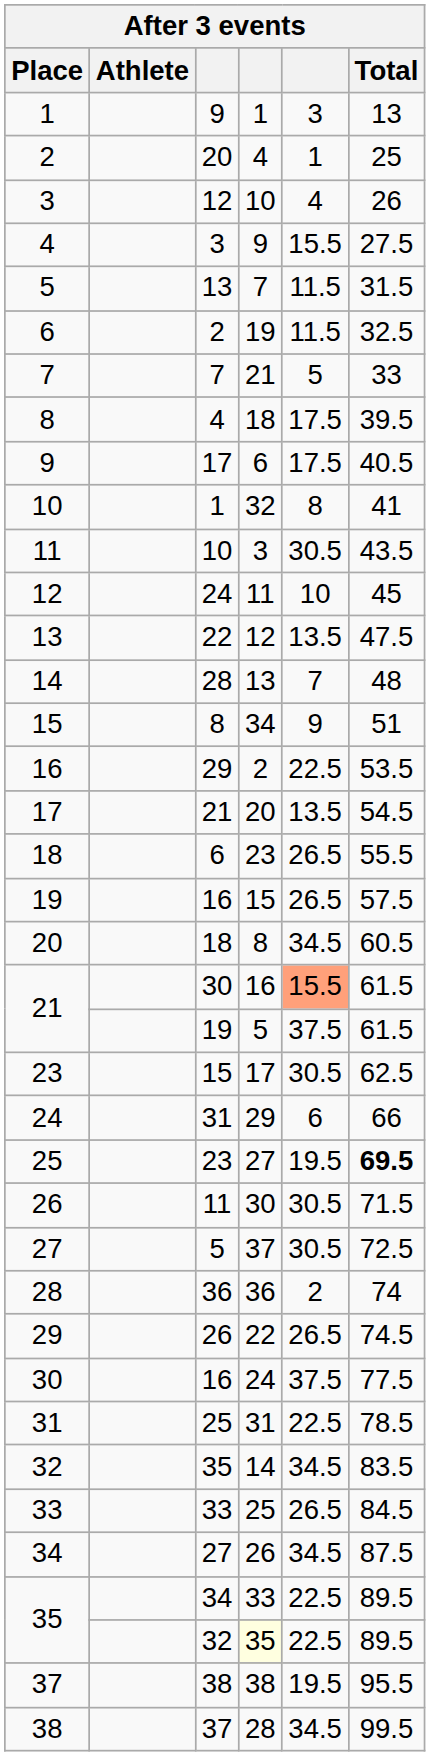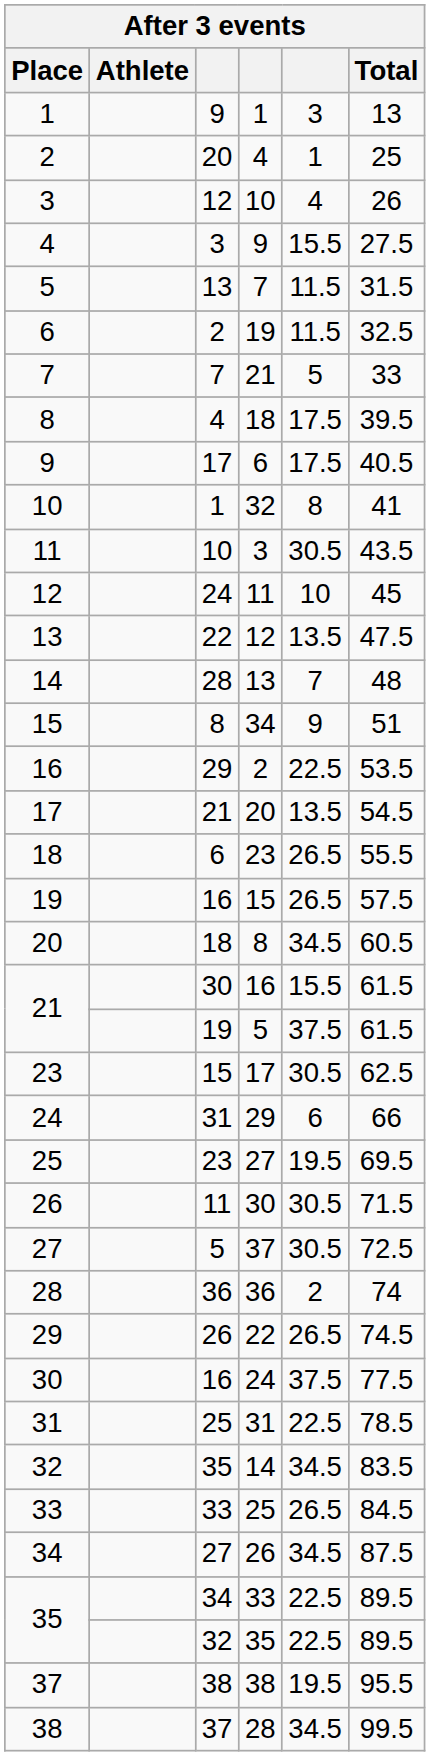 <table class=wikitable style="text-align:center">
 <tr>
 <th colspan=6><strong>After 3 events</strong></th>
 </tr>
 <tr>
 <th>Place</th>
 <th>Athlete</th>
 <th></th>
 <th></th>
 <th></th>
 <th>Total</th>
 </tr>
 <tr>
 <td>1</td>
 <td align=left></td>
 <td>9</td>
 <td>1</td>
 <td>3</td>
 <td>13</td>
 </tr>
 <tr>
 <td>2</td>
 <td align=left></td>
 <td>20</td>
 <td>4</td>
 <td>1</td>
 <td>25</td>
 </tr>
 <tr>
 <td>3</td>
 <td align=left></td>
 <td>12</td>
 <td>10</td>
 <td>4</td>
 <td>26</td>
 </tr>
 <tr>
 <td>4</td>
 <td align=left></td>
 <td>3</td>
 <td>9</td>
 <td>15.5</td>
 <td>27.5</td>
 </tr>
 <tr>
 <td>5</td>
 <td align=left></td>
 <td>13</td>
 <td>7</td>
 <td>11.5</td>
 <td>31.5</td>
 </tr>
 <tr>
 <td>6</td>
 <td align=left></td>
 <td>2</td>
 <td>19</td>
 <td>11.5</td>
 <td>32.5</td>
 </tr>
 <tr>
 <td>7</td>
 <td align=left></td>
 <td>7</td>
 <td>21</td>
 <td>5</td>
 <td>33</td>
 </tr>
 <tr>
 <td>8</td>
 <td align=left></td>
 <td>4</td>
 <td>18</td>
 <td>17.5</td>
 <td>39.5</td>
 </tr>
 <tr>
 <td>9</td>
 <td align=left></td>
 <td>17</td>
 <td>6</td>
 <td>17.5</td>
 <td>40.5</td>
 </tr>
 <tr>
 <td>10</td>
 <td align=left></td>
 <td>1</td>
 <td>32</td>
 <td>8</td>
 <td>41</td>
 </tr>
 <tr>
 <td>11</td>
 <td align=left></td>
 <td>10</td>
 <td>3</td>
 <td>30.5</td>
 <td>43.5</td>
 </tr>
 <tr>
 <td>12</td>
 <td align=left></td>
 <td>24</td>
 <td>11</td>
 <td>10</td>
 <td>45</td>
 </tr>
 <tr>
 <td>13</td>
 <td align=left></td>
 <td>22</td>
 <td>12</td>
 <td>13.5</td>
 <td>47.5</td>
 </tr>
 <tr>
 <td>14</td>
 <td align=left></td>
 <td>28</td>
 <td>13</td>
 <td>7</td>
 <td>48</td>
 </tr>
 <tr>
 <td>15</td>
 <td align=left></td>
 <td>8</td>
 <td>34</td>
 <td>9</td>
 <td>51</td>
 </tr>
 <tr>
 <td>16</td>
 <td align=left></td>
 <td>29</td>
 <td>2</td>
 <td>22.5</td>
 <td>53.5</td>
 </tr>
 <tr>
 <td>17</td>
 <td align=left></td>
 <td>21</td>
 <td>20</td>
 <td>13.5</td>
 <td>54.5</td>
 </tr>
 <tr>
 <td>18</td>
 <td align=left></td>
 <td>6</td>
 <td>23</td>
 <td>26.5</td>
 <td>55.5</td>
 </tr>
 <tr>
 <td>19</td>
 <td align=left></td>
 <td>16</td>
 <td>15</td>
 <td>26.5</td>
 <td>57.5</td>
 </tr>
 <tr>
 <td>20</td>
 <td align=left></td>
 <td>18</td>
 <td>8</td>
 <td>34.5</td>
 <td>60.5</td>
 </tr>
 <tr>
 <td rowspan=2>21</td>
 <td align=left></td>
 <td>30</td>
 <td>16</td>
-<td style="background: lightsalmon;">15.5</td>
+<td>15.5</td>
 <td>61.5</td>
 </tr>
 <tr>
 <td align=left></td>
 <td>19</td>
 <td>5</td>
 <td>37.5</td>
 <td>61.5</td>
 </tr>
 <tr>
 <td>23</td>
 <td align=left></td>
 <td>15</td>
 <td>17</td>
 <td>30.5</td>
 <td>62.5</td>
 </tr>
 <tr>
 <td>24</td>
 <td align=left></td>
 <td>31</td>
 <td>29</td>
 <td>6</td>
 <td>66</td>
 </tr>
 <tr>
 <td>25</td>
 <td align=left></td>
 <td>23</td>
 <td>27</td>
 <td>19.5</td>
-<td><strong>69.5</strong></td>
+<td>69.5</td>
 </tr>
 <tr>
 <td>26</td>
 <td align=left></td>
 <td>11</td>
 <td>30</td>
 <td>30.5</td>
 <td>71.5</td>
 </tr>
 <tr>
 <td>27</td>
 <td align=left></td>
 <td>5</td>
 <td>37</td>
 <td>30.5</td>
 <td>72.5</td>
 </tr>
 <tr>
 <td>28</td>
 <td align=left></td>
 <td>36</td>
 <td>36</td>
 <td>2</td>
 <td>74</td>
 </tr>
 <tr>
 <td>29</td>
 <td align=left></td>
 <td>26</td>
 <td>22</td>
 <td>26.5</td>
 <td>74.5</td>
 </tr>
 <tr>
 <td>30</td>
 <td align=left></td>
 <td>16</td>
 <td>24</td>
 <td>37.5</td>
 <td>77.5</td>
 </tr>
 <tr>
 <td>31</td>
 <td align=left></td>
 <td>25</td>
 <td>31</td>
 <td>22.5</td>
 <td>78.5</td>
 </tr>
 <tr>
 <td>32</td>
 <td align=left></td>
 <td>35</td>
 <td>14</td>
 <td>34.5</td>
 <td>83.5</td>
 </tr>
 <tr>
 <td>33</td>
 <td align=left></td>
 <td>33</td>
 <td>25</td>
 <td>26.5</td>
 <td>84.5</td>
 </tr>
 <tr>
 <td>34</td>
 <td align=left></td>
 <td>27</td>
 <td>26</td>
 <td>34.5</td>
 <td>87.5</td>
 </tr>
 <tr>
 <td rowspan=2>35</td>
 <td align=left></td>
 <td>34</td>
 <td>33</td>
 <td>22.5</td>
 <td>89.5</td>
 </tr>
 <tr>
 <td align=left></td>
 <td>32</td>
-<td style="background: lightyellow;">35</td>
+<td>35</td>
 <td>22.5</td>
 <td>89.5</td>
 </tr>
 <tr>
 <td>37</td>
 <td align=left></td>
 <td>38</td>
 <td>38</td>
 <td>19.5</td>
 <td>95.5</td>
 </tr>
 <tr>
 <td>38</td>
 <td align=left></td>
 <td>37</td>
 <td>28</td>
 <td>34.5</td>
 <td>99.5</td>
 </tr>
 </table>
